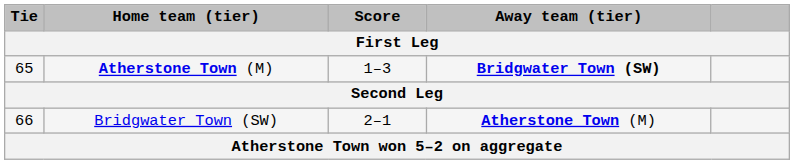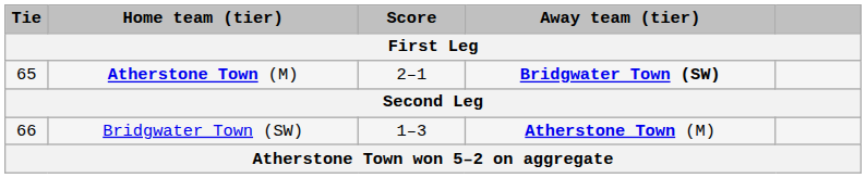 <table class="wikitable" style="width: 600px; background:WhiteSmoke; text-align:center; font-size:90%">
 <tr>
 <td scope="col" style="width:  5.00%; background:silver;"><strong>Tie</strong></td>
 <td scope="col" style="width: 36.25%; background:silver;"><strong>Home team (tier)</strong></td>
 <td scope="col" style="width: 12.50%; background:silver;"><strong>Score</strong></td>
 <td scope="col" style="width: 36.25%; background:silver;"><strong>Away team (tier)</strong></td>
 <td scope="col" style="width: 10.00%; background:silver;"><strong></strong></td>
 </tr>
 <tr>
 <th colspan="5">First Leg</th>
 </tr>
 <tr>
 <td>65</td>
 <td><strong><a href='#'>Atherstone Town</a></strong> (M)</td>
-<td>1–3</td>
+<td>2–1</td>
 <td><strong><a href='#'>Bridgwater Town</a> (SW)</strong></td>
 </tr>
 <tr>
 <th colspan="5">Second Leg</th>
 </tr>
 <tr>
 <td>66</td>
 <td><a href='#'>Bridgwater Town</a> (SW)</td>
-<td>2–1</td>
+<td>1–3</td>
 <td><strong><a href='#'>Atherstone Town</a></strong> (M)</td>
 </tr>
 <tr>
 <th colspan="5">Atherstone Town won 5–2 on aggregate</th>
 </tr>
 </table>
